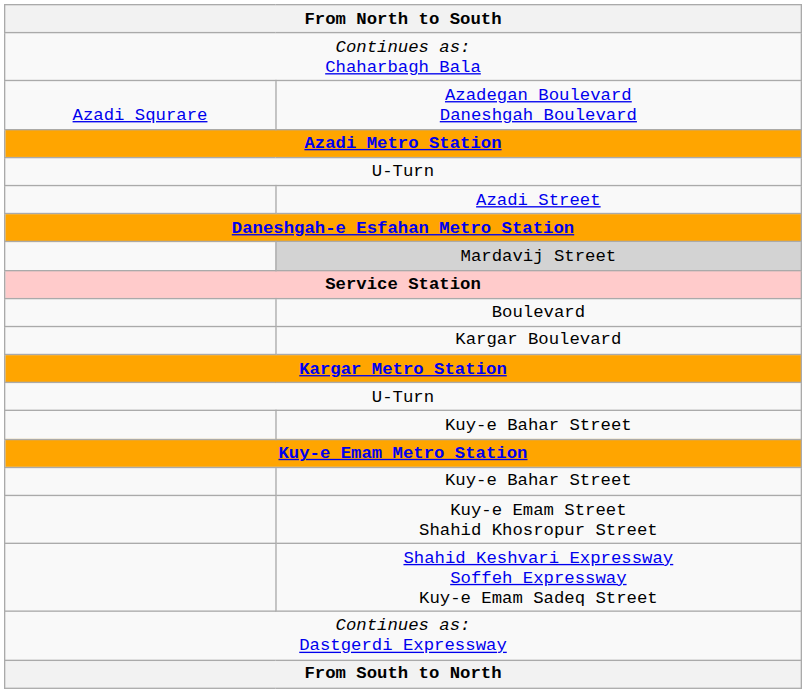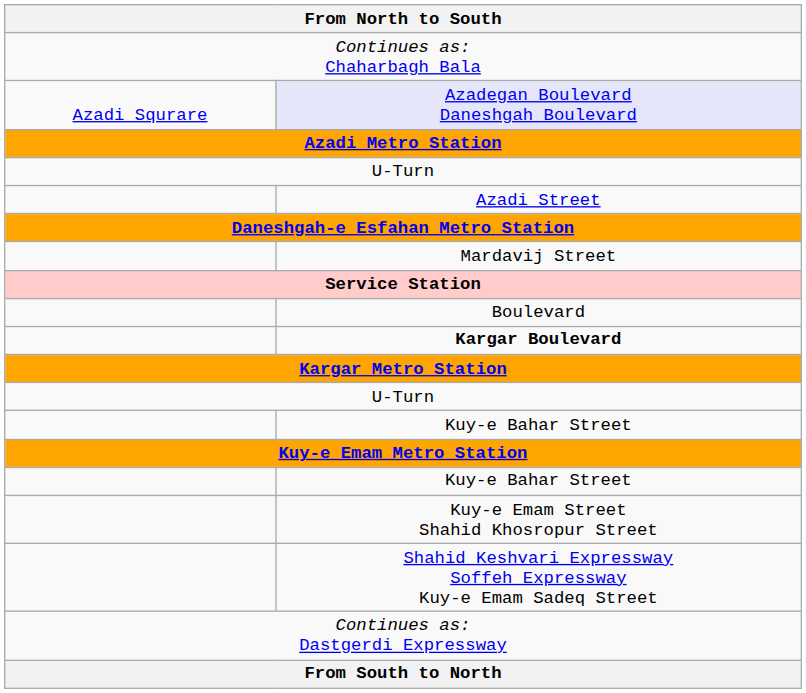 <table class="wikitable" style="text-align:center" width="600px">
 <tr>
 <th text-align="center" colspan="3"> From North to South </th>
 </tr>
 <tr>
 <td colspan="7" align="center"><em>Continues as:</em><br> <a href='#'>Chaharbagh Bala</a></td>
 </tr>
 <tr>
 <td><br><a href='#'>Azadi Squrare</a></td>
-<td> <a href='#'>Azadegan Boulevard</a><br> <a href='#'>Daneshgah Boulevard</a></td>
+<td style="background: lavender;"> <a href='#'>Azadegan Boulevard</a><br> <a href='#'>Daneshgah Boulevard</a></td>
 </tr>
 <tr>
 <td text-align="center" colspan="3" style="background: orange; color: white;"><strong><a href='#'><span>Azadi Metro Station</span></a></strong></td>
 </tr>
 <tr>
 <td text-align="center" colspan="3"> U-Turn</td>
 </tr>
 <tr>
 <td></td>
 <td> <a href='#'>Azadi Street</a></td>
 </tr>
 <tr>
 <td text-align="center" colspan="3" style="background: orange; color: white;"><strong><a href='#'><span>Daneshgah-e Esfahan Metro Station</span></a></strong></td>
 </tr>
 <tr>
 <td></td>
-<td style="background: lightgrey;"> Mardavij Street</td>
+<td> Mardavij Street</td>
 </tr>
 <tr>
 <td align="center" bgcolor="#FFCBCB" colspan="7"> <strong>Service Station</strong></td>
 </tr>
 <tr>
 <td></td>
 <td> Boulevard</td>
 </tr>
 <tr>
 <td></td>
-<td> Kargar Boulevard</td>
+<td><strong> Kargar Boulevard</strong></td>
 </tr>
 <tr>
 <td text-align="center" colspan="3" style="background: orange; color: white;"><strong><a href='#'><span>Kargar Metro Station</span></a></strong></td>
 </tr>
 <tr>
 <td text-align="center" colspan="3"> U-Turn</td>
 </tr>
 <tr>
 <td></td>
 <td> Kuy-e Bahar Street</td>
 </tr>
 <tr>
 <td text-align="center" colspan="3" style="background: orange; color: white;"><strong><a href='#'><span>Kuy-e Emam Metro Station</span></a></strong></td>
 </tr>
 <tr>
 <td></td>
 <td> Kuy-e Bahar Street</td>
 </tr>
 <tr>
 <td></td>
 <td> Kuy-e Emam Street<br> Shahid Khosropur Street</td>
 </tr>
 <tr>
 <td><br></td>
 <td> <a href='#'>Shahid Keshvari Expressway</a><br> <a href='#'>Soffeh Expressway</a><br> Kuy-e Emam Sadeq Street</td>
 </tr>
 <tr>
 <td colspan="7" align="center"><em>Continues as:</em><br> <a href='#'>Dastgerdi Expressway</a></td>
 </tr>
 <tr>
 <th text-align="center" colspan="3"> From South to North </th>
 </tr>
 </table>
